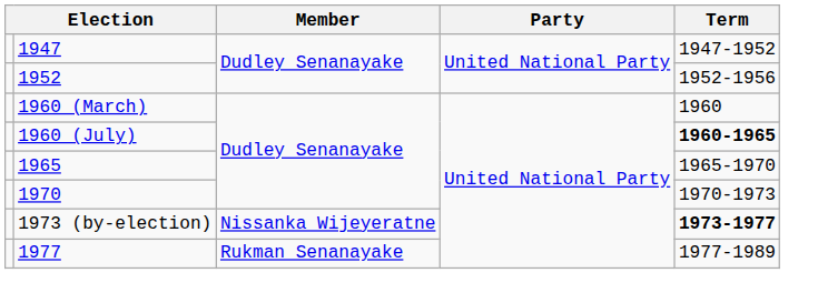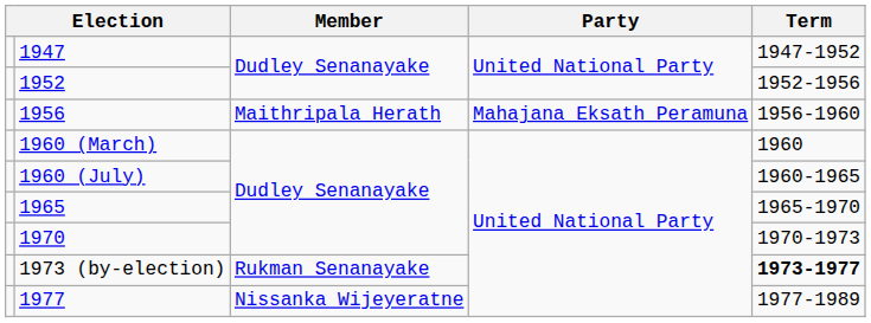 <table class="wikitable">
 <tr>
 <th colspan="2">Election</th>
 <th>Member</th>
 <th>Party</th>
 <th>Term</th>
 </tr>
 <tr>
 <td style="background-color: "></td>
 <td><a href='#'>1947</a></td>
 <td rowspan=2><a href='#'>Dudley Senanayake</a></td>
 <td rowspan=2><a href='#'>United National Party</a></td>
 <td>1947-1952</td>
 </tr>
 <tr>
 <td style="background-color: "></td>
 <td><a href='#'>1952</a></td>
 <td>1952-1956</td>
 </tr>
 <tr>
 <td style="background-color: "></td>
+<td><a href='#'>1956</a></td>
+<td><a href='#'>Maithripala Herath</a></td>
+<td><a href='#'>Mahajana Eksath Peramuna</a></td>
+<td>1956-1960</td>
+</tr>
+<tr>
+<td style="background-color: "></td>
 <td><a href='#'>1960 (March)</a></td>
 <td rowspan=4><a href='#'>Dudley Senanayake</a></td>
 <td rowspan=6><a href='#'>United National Party</a></td>
 <td>1960</td>
 </tr>
 <tr>
 <td style="background-color: "></td>
 <td><a href='#'>1960 (July)</a></td>
-<td><strong>1960-1965</strong></td>
+<td>1960-1965</td>
 </tr>
 <tr>
 <td style="background-color: "></td>
 <td><a href='#'>1965</a></td>
 <td>1965-1970</td>
 </tr>
 <tr>
 <td style="background-color: "></td>
 <td><a href='#'>1970</a></td>
 <td>1970-1973</td>
 </tr>
 <tr>
 <td style="background-color: "></td>
 <td>1973 (by-election)</td>
-<td><a href='#'>Nissanka Wijeyeratne</a></td>
+<td><a href='#'>Rukman Senanayake</a></td>
 <td><strong>1973-1977</strong></td>
 </tr>
 <tr>
 <td style="background-color: "></td>
 <td><a href='#'>1977</a></td>
-<td><a href='#'>Rukman Senanayake</a></td>
+<td><a href='#'>Nissanka Wijeyeratne</a></td>
 <td>1977-1989</td>
 </tr>
 </table>
